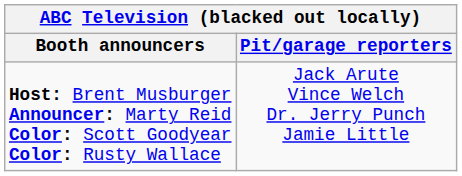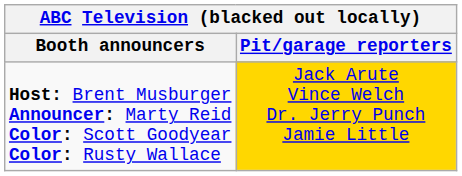 <table class="wikitable" style="font-size: 95%;">
 <tr>
 <th colspan=2><a href='#'>ABC</a> <a href='#'>Television</a> (blacked out locally)</th>
 </tr>
 <tr>
 <th>Booth announcers</th>
 <th><a href='#'>Pit/garage reporters</a></th>
 </tr>
 <tr>
 <td valign="top"><br><strong>Host:</strong> <a href='#'>Brent Musburger</a><br> <strong><a href='#'>Announcer</a>:</strong> <a href='#'>Marty Reid</a><br> <strong><a href='#'>Color</a>:</strong> <a href='#'>Scott Goodyear</a><br> <strong><a href='#'>Color</a>:</strong> <a href='#'>Rusty Wallace</a><br></td>
-<td align="center" valign="top"><a href='#'>Jack Arute</a><br><a href='#'>Vince Welch</a><br><a href='#'>Dr. Jerry Punch</a><br><a href='#'>Jamie Little</a></td>
+<td align="center" valign="top" style="background: gold;"><a href='#'>Jack Arute</a><br><a href='#'>Vince Welch</a><br><a href='#'>Dr. Jerry Punch</a><br><a href='#'>Jamie Little</a></td>
 </tr>
 </table>
